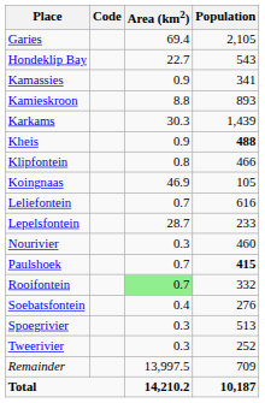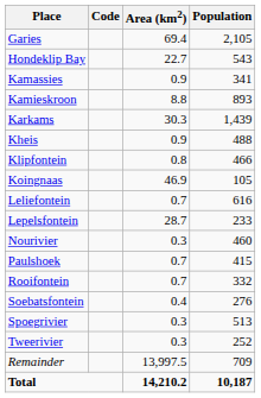 <table class="wikitable sortable">
 <tr>
 <th>Place</th>
 <th>Code</th>
 <th>Area (km<sup>2</sup>)</th>
 <th>Population</th>
 </tr>
 <tr>
 <td><a href='#'>Garies</a></td>
 <td></td>
 <td align=right>69.4</td>
 <td align=right>2,105</td>
 </tr>
 <tr>
 <td><a href='#'>Hondeklip Bay</a></td>
 <td></td>
 <td align=right>22.7</td>
 <td align=right>543</td>
 </tr>
 <tr>
 <td><a href='#'>Kamassies</a></td>
 <td></td>
 <td align=right>0.9</td>
 <td align=right>341</td>
 </tr>
 <tr>
 <td><a href='#'>Kamieskroon</a></td>
 <td></td>
 <td align=right>8.8</td>
 <td align=right>893</td>
 </tr>
 <tr>
 <td><a href='#'>Karkams</a></td>
 <td></td>
 <td align=right>30.3</td>
 <td align=right>1,439</td>
 </tr>
 <tr>
 <td><a href='#'>Kheis</a></td>
 <td></td>
 <td align=right>0.9</td>
-<td align=right><strong>488</strong></td>
+<td align=right>488</td>
 </tr>
 <tr>
 <td><a href='#'>Klipfontein</a></td>
 <td></td>
 <td align=right>0.8</td>
 <td align=right>466</td>
 </tr>
 <tr>
 <td><a href='#'>Koingnaas</a></td>
 <td></td>
 <td align=right>46.9</td>
 <td align=right>105</td>
 </tr>
 <tr>
 <td><a href='#'>Leliefontein</a></td>
 <td></td>
 <td align=right>0.7</td>
 <td align=right>616</td>
 </tr>
 <tr>
 <td><a href='#'>Lepelsfontein</a></td>
 <td></td>
 <td align=right>28.7</td>
 <td align=right>233</td>
 </tr>
 <tr>
 <td><a href='#'>Nourivier</a></td>
 <td></td>
 <td align=right>0.3</td>
 <td align=right>460</td>
 </tr>
 <tr>
 <td><a href='#'>Paulshoek</a></td>
 <td></td>
 <td align=right>0.7</td>
-<td align=right><strong>415</strong></td>
+<td align=right>415</td>
 </tr>
 <tr>
 <td><a href='#'>Rooifontein</a></td>
 <td></td>
-<td align=right style="background: lightgreen;">0.7</td>
+<td align=right>0.7</td>
 <td align=right>332</td>
 </tr>
 <tr>
 <td><a href='#'>Soebatsfontein</a></td>
 <td></td>
 <td align=right>0.4</td>
 <td align=right>276</td>
 </tr>
 <tr>
 <td><a href='#'>Spoegrivier</a></td>
 <td></td>
 <td align=right>0.3</td>
 <td align=right>513</td>
 </tr>
 <tr>
 <td><a href='#'>Tweerivier</a></td>
 <td></td>
 <td align=right>0.3</td>
 <td align=right>252</td>
 </tr>
 <tr>
 <td><em>Remainder</em></td>
 <td></td>
 <td align=right>13,997.5</td>
 <td align=right>709</td>
 </tr>
 <tr class=sortbottom>
 <td colspan=2><strong>Total</strong></td>
 <td align=right><strong>14,210.2</strong></td>
 <td align=right><strong>10,187</strong></td>
 </tr>
 </table>
